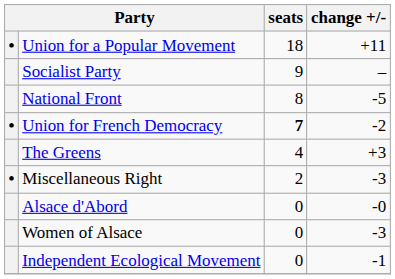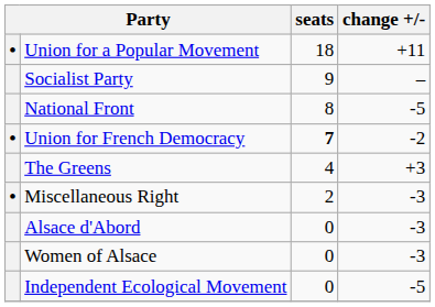 <table class="wikitable">
 <tr>
 <th colspan=2>Party</th>
 <th>seats</th>
 <th>change +/-</th>
 </tr>
 <tr>
 <th style="background-color: "><span>•</span></th>
 <td><a href='#'>Union for a Popular Movement</a></td>
 <td align="right">18</td>
 <td align="right">+11</td>
 </tr>
 <tr>
 <th style="background-color: "></th>
 <td><a href='#'>Socialist Party</a></td>
 <td align="right">9</td>
 <td align="right">–</td>
 </tr>
 <tr>
 <th style="background-color: "></th>
 <td><a href='#'>National Front</a></td>
 <td align="right">8</td>
 <td align="right">-5</td>
 </tr>
 <tr>
 <th style="background-color: "><span>•</span></th>
 <td><a href='#'>Union for French Democracy</a></td>
 <td align="right"><strong>7</strong></td>
 <td align="right">-2</td>
 </tr>
 <tr>
 <th style="background-color: "></th>
 <td><a href='#'>The Greens</a></td>
 <td align="right">4</td>
 <td align="right">+3</td>
 </tr>
 <tr>
 <th style="background-color: "><span>•</span></th>
 <td>Miscellaneous Right</td>
 <td align="right">2</td>
 <td align="right">-3</td>
 </tr>
 <tr>
 <th style="background-color: "></th>
 <td><a href='#'>Alsace d'Abord</a></td>
 <td align="right">0</td>
-<td align="right">-0</td>
+<td align="right">-3</td>
 </tr>
 <tr>
 <th style="background-color: "></th>
 <td>Women of Alsace</td>
 <td align="right">0</td>
 <td align="right">-3</td>
 </tr>
 <tr>
 <th style="background-color: "></th>
 <td><a href='#'>Independent Ecological Movement</a></td>
 <td align="right">0</td>
-<td align="right">-1</td>
+<td align="right">-5</td>
 </tr>
 <tr>
 </tr>
 </table>
